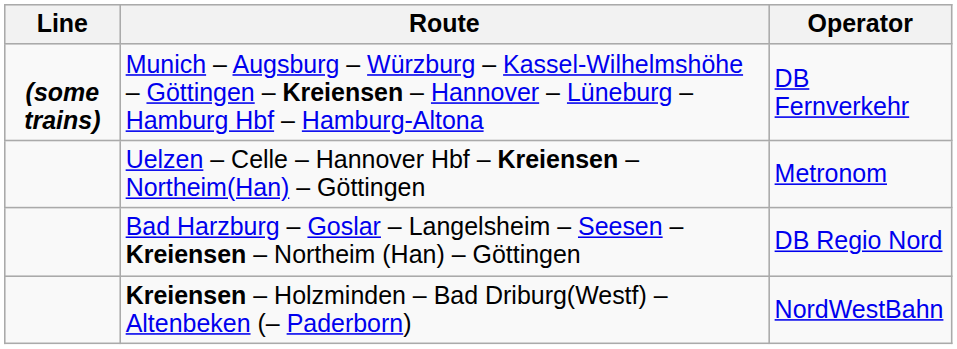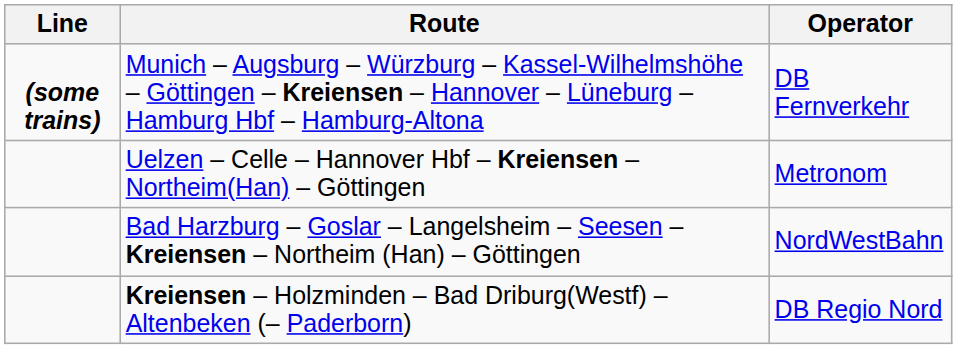 <table class="wikitable">
 <tr>
 <th>Line</th>
 <th>Route</th>
 <th>Operator</th>
 </tr>
 <tr>
 <td align="center"><strong><br><em>(some trains)</em></strong></td>
 <td><a href='#'>Munich</a> – <a href='#'>Augsburg</a> – <a href='#'>Würzburg</a> – <a href='#'>Kassel-Wilhelmshöhe</a> – <a href='#'>Göttingen</a> – <strong>Kreiensen</strong> – <a href='#'>Hannover</a> – <a href='#'>Lüneburg</a> – <a href='#'>Hamburg Hbf</a> – <a href='#'>Hamburg-Altona</a></td>
 <td><a href='#'>DB Fernverkehr</a></td>
 </tr>
 <tr>
 <td align="center"></td>
 <td><a href='#'>Uelzen</a> – Celle – Hannover Hbf – <strong>Kreiensen</strong> – <a href='#'>Northeim(Han)</a> – Göttingen</td>
 <td><a href='#'>Metronom</a></td>
 </tr>
 <tr>
 <td align="center"></td>
 <td><a href='#'>Bad Harzburg</a> – <a href='#'>Goslar</a> – Langelsheim – <a href='#'>Seesen</a> – <strong>Kreiensen</strong> – Northeim (Han) – Göttingen</td>
-<td><a href='#'>DB Regio Nord</a></td>
+<td><a href='#'>NordWestBahn</a></td>
 </tr>
 <tr>
 <td align="center"></td>
 <td><strong>Kreiensen</strong> – Holzminden – Bad Driburg(Westf) – <a href='#'>Altenbeken</a> (– <a href='#'>Paderborn</a>)</td>
-<td><a href='#'>NordWestBahn</a></td>
+<td><a href='#'>DB Regio Nord</a></td>
 </tr>
 </table>
